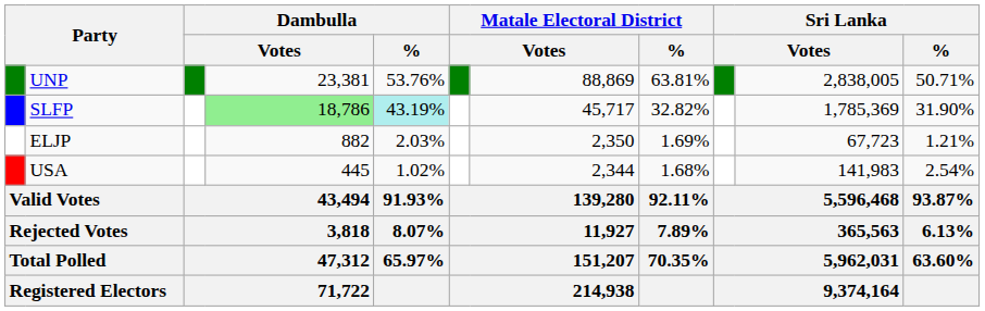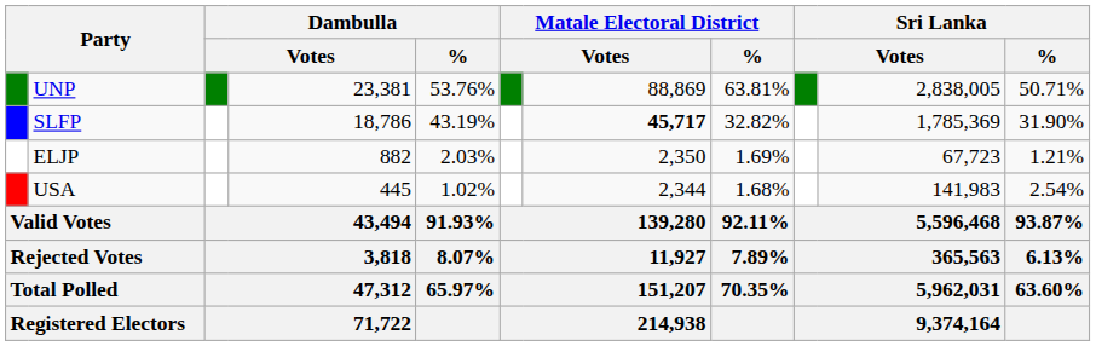 <table class="wikitable">
 <tr>
 <th colspan="2" width="144px"rowspan="2">Party</th>
 <th colspan="3" width="216px">Dambulla</th>
 <th colspan="3" width="216px"><a href='#'>Matale Electoral District</a></th>
 <th colspan="3" width="216px">Sri Lanka</th>
 </tr>
 <tr>
 <th colspan="2" width="144px">Votes</th>
 <th>%</th>
 <th colspan="2" width="144px">Votes</th>
 <th>%</th>
 <th colspan="2" width="144px">Votes</th>
 <th>%</th>
 </tr>
 <tr>
 <td style="background-color:green;" width="10px"></td>
 <td style="text-align:left;"><a href='#'>UNP</a></td>
 <td style="background-color:green;" width="10px"></td>
 <td style="text-align:right;">23,381</td>
 <td style="text-align:right;">53.76%</td>
 <td style="background-color:green;" width="10px"></td>
 <td style="text-align:right;">88,869</td>
 <td style="text-align:right;">63.81%</td>
 <td style="background-color:green;" width="10px"></td>
 <td style="text-align:right;">2,838,005</td>
 <td style="text-align:right;">50.71%</td>
 </tr>
 <tr>
 <td style="background-color:blue;" width="10px"></td>
 <td style="text-align:left;"><a href='#'>SLFP</a></td>
 <td style="background-color:white;" width="10px"></td>
-<td style="background: lightgreen; text-align:right;">18,786</td>
-<td style="background: paleturquoise; text-align:right;">43.19%</td>
+<td style="text-align:right;">18,786</td>
+<td style="text-align:right;">43.19%</td>
 <td style="background-color:white;" width="10px"></td>
-<td style="text-align:right;">45,717</td>
+<td style="text-align:right;"><strong>45,717</strong></td>
 <td style="text-align:right;">32.82%</td>
 <td style="background-color:white;" width="10px"></td>
 <td style="text-align:right;">1,785,369</td>
 <td style="text-align:right;">31.90%</td>
 </tr>
 <tr>
 <td style="background-color:white;" width="10px"></td>
 <td style="text-align:left;">ELJP</td>
 <td style="background-color:white;" width="10px"></td>
 <td style="text-align:right;">882</td>
 <td style="text-align:right;">2.03%</td>
 <td style="background-color:white;" width="10px"></td>
 <td style="text-align:right;">2,350</td>
 <td style="text-align:right;">1.69%</td>
 <td style="background-color:white;" width="10px"></td>
 <td style="text-align:right;">67,723</td>
 <td style="text-align:right;">1.21%</td>
 </tr>
 <tr>
 <td style="background-color:red;" width="10px"></td>
 <td style="text-align:left;">USA</td>
 <td style="background-color:white;" width="10px"></td>
 <td style="text-align:right;">445</td>
 <td style="text-align:right;">1.02%</td>
 <td style="background-color:white;" width="10px"></td>
 <td style="text-align:right;">2,344</td>
 <td style="text-align:right;">1.68%</td>
 <td style="background-color:white;" width="10px"></td>
 <td style="text-align:right;">141,983</td>
 <td style="text-align:right;">2.54%</td>
 </tr>
 <tr>
 <th colspan="2" width="144px"style="text-align:left;">Valid Votes</th>
 <th style="text-align:right;"colspan="2" width="144px">43,494</th>
 <th style="text-align:right;">91.93%</th>
 <th style="text-align:right;"colspan="2" width="144px">139,280</th>
 <th style="text-align:right;">92.11%</th>
 <th style="text-align:right;"colspan="2" width="144px">5,596,468</th>
 <th style="text-align:right;">93.87%</th>
 </tr>
 <tr>
 <th colspan="2" width="144px"style="text-align:left;">Rejected Votes</th>
 <th style="text-align:right;"colspan="2" width="144px">3,818</th>
 <th style="text-align:right;">8.07%</th>
 <th style="text-align:right;"colspan="2" width="144px">11,927</th>
 <th style="text-align:right;">7.89%</th>
 <th style="text-align:right;"colspan="2" width="144px">365,563</th>
 <th style="text-align:right;">6.13%</th>
 </tr>
 <tr>
 <th colspan="2" width="144px"style="text-align:left;">Total Polled</th>
 <th style="text-align:right;"colspan="2" width="144px">47,312</th>
 <th style="text-align:right;">65.97%</th>
 <th style="text-align:right;"colspan="2" width="144px">151,207</th>
 <th style="text-align:right;">70.35%</th>
 <th style="text-align:right;"colspan="2" width="144px">5,962,031</th>
 <th style="text-align:right;">63.60%</th>
 </tr>
 <tr>
 <th colspan="2" width="144px"style="text-align:left;">Registered Electors</th>
 <th style="text-align:right;"colspan="2" width="144px">71,722</th>
 <th></th>
 <th style="text-align:right;"colspan="2" width="144px">214,938</th>
 <th></th>
 <th style="text-align:right;"colspan="2" width="144px">9,374,164</th>
 <th></th>
 </tr>
 </table>
